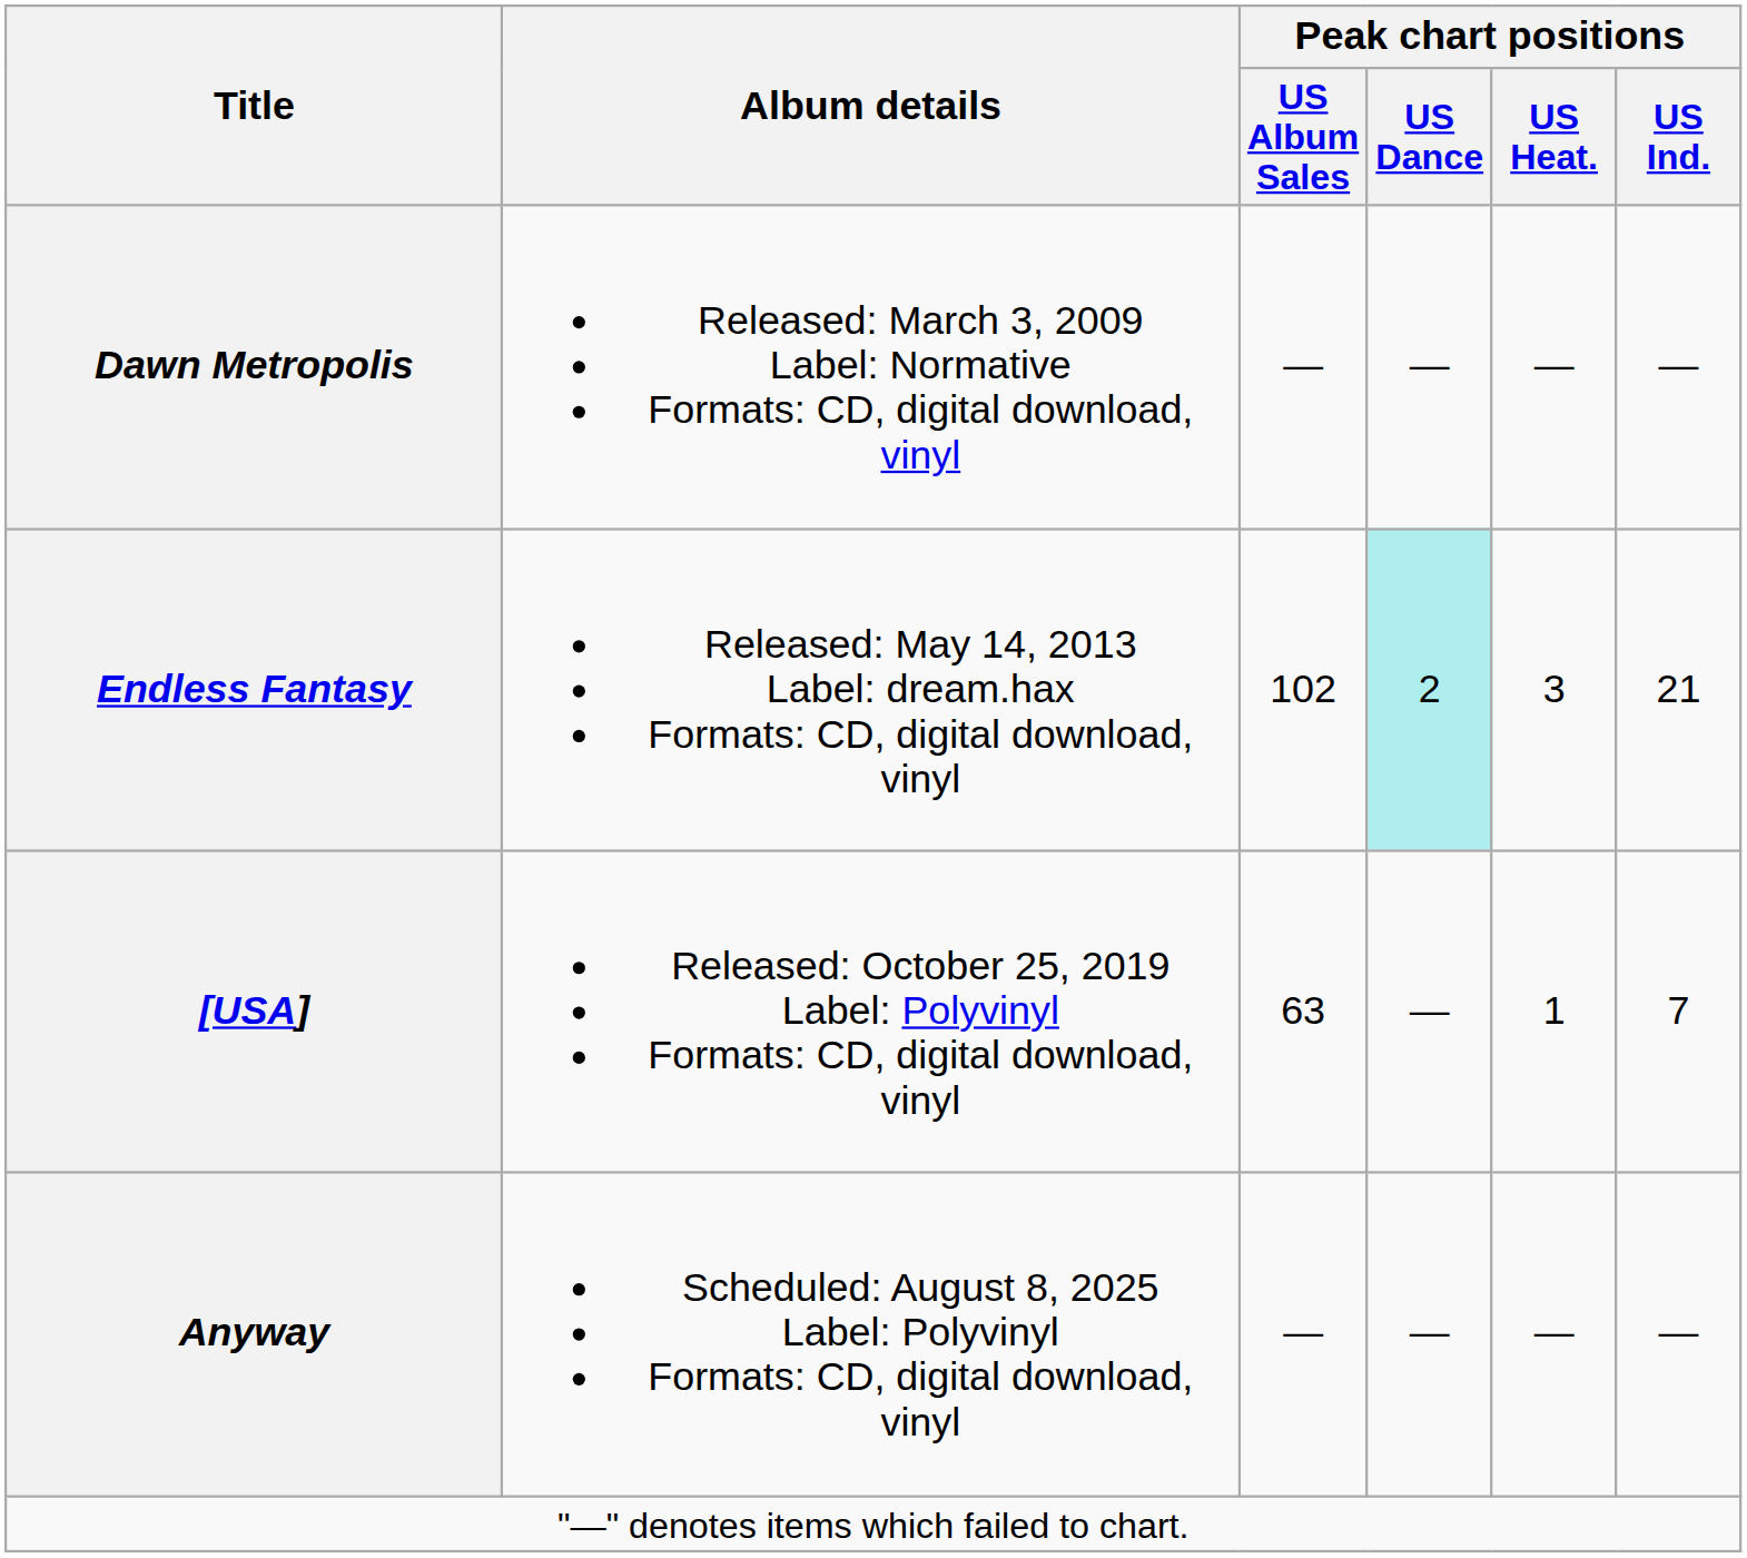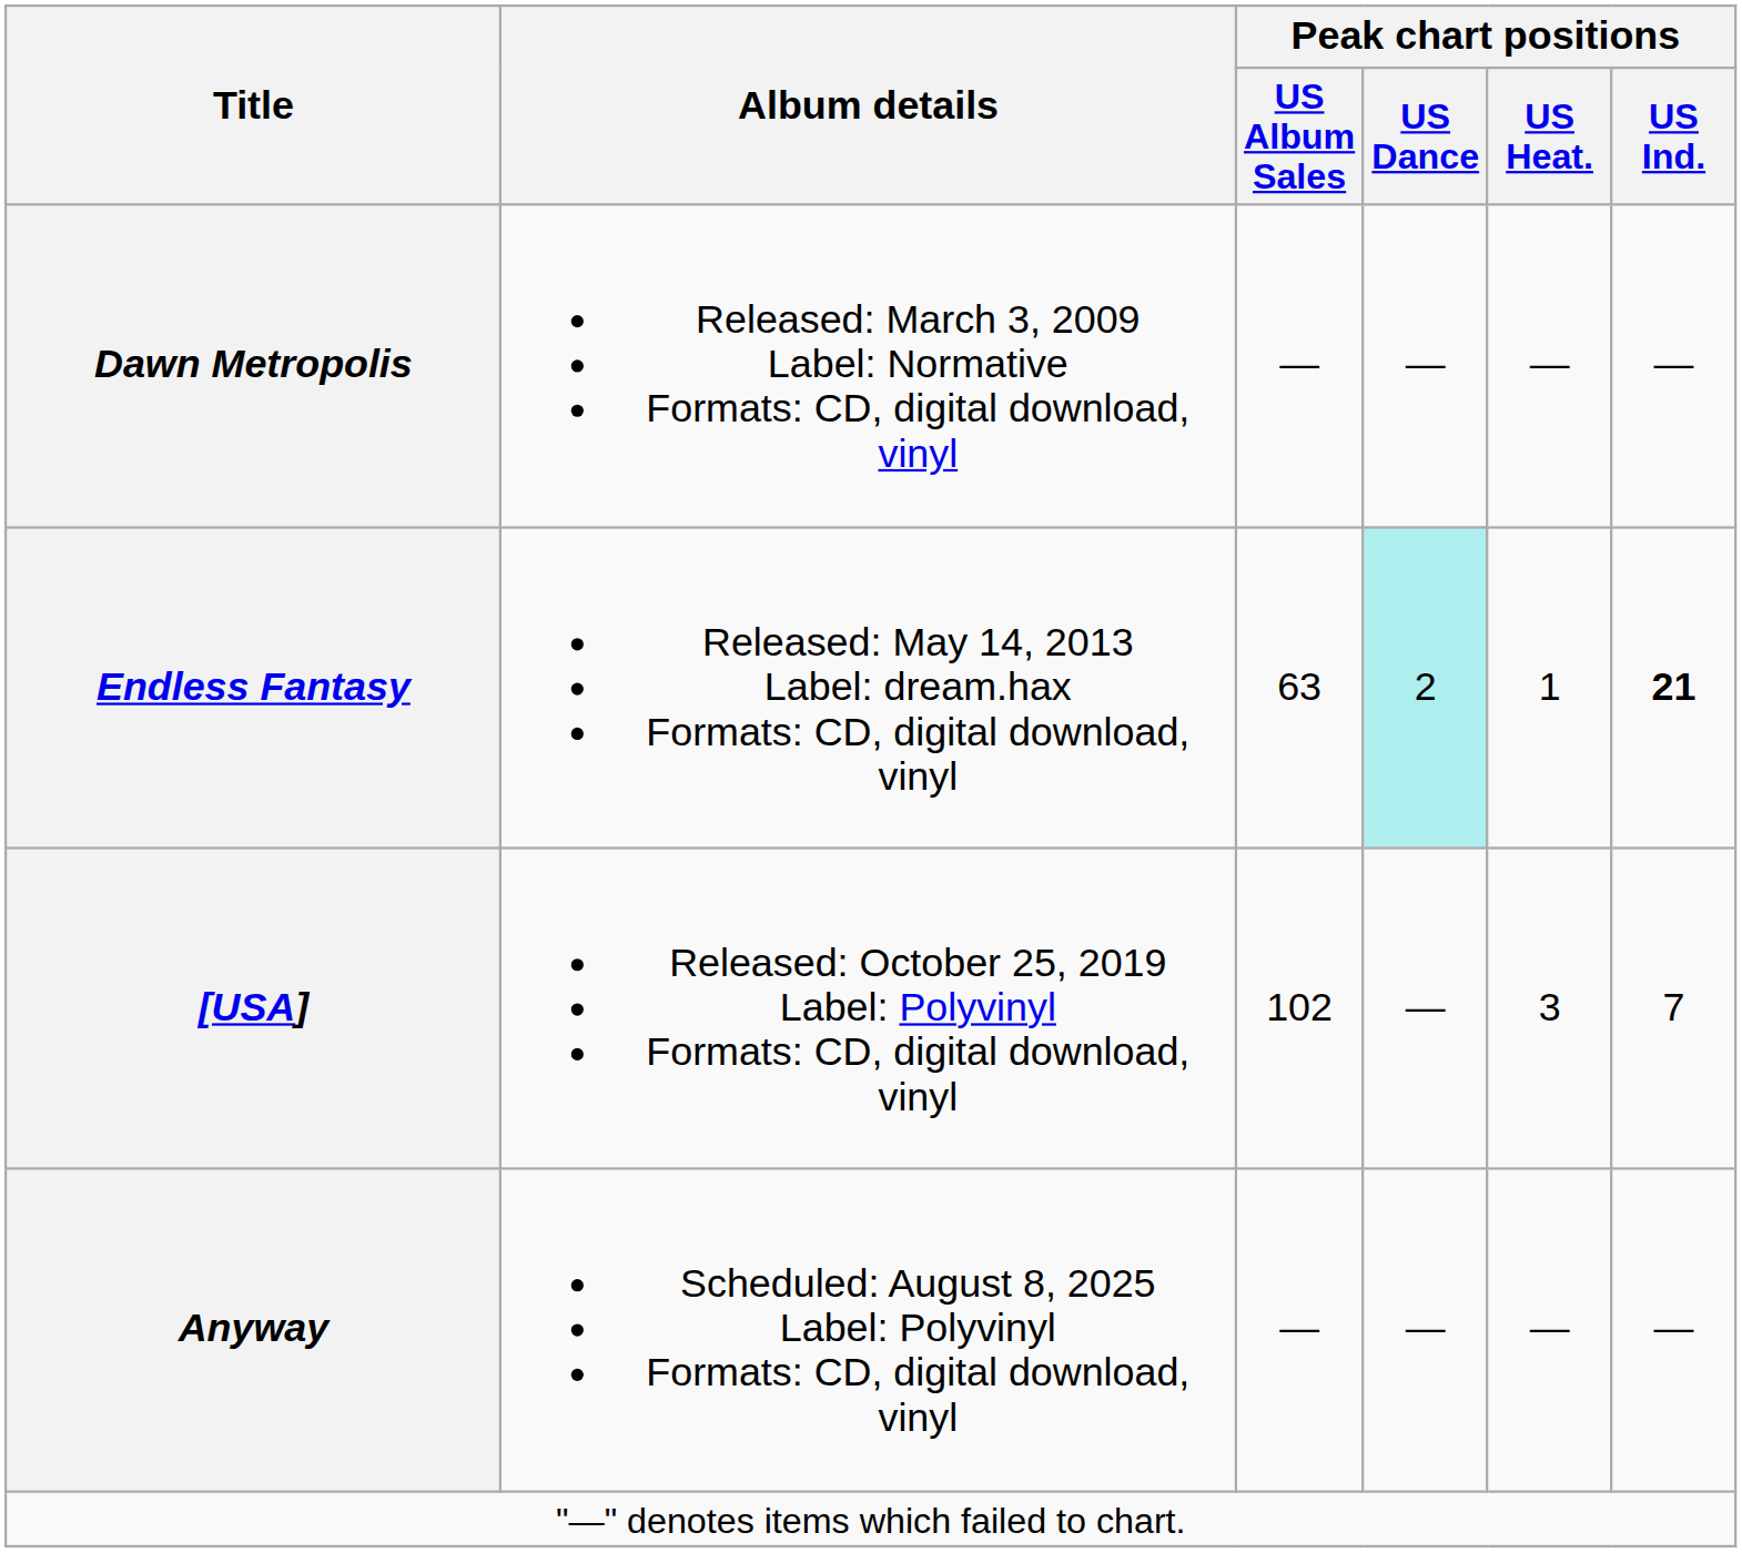 <table class="wikitable plainrowheaders" style="text-align:center;">
 <tr>
 <th scope="col" rowspan="2" style="width:12em;">Title</th>
 <th scope="col" rowspan="2" style="width:18em;">Album details</th>
 <th scope="col" colspan="4">Peak chart positions</th>
 </tr>
 <tr>
 <th scope="col" style="width:3em;font-size:90%;"><a href='#'>US<br>Album Sales</a><br></th>
 <th scope="col" style="width:3em;font-size:90%;"><a href='#'>US<br>Dance</a><br></th>
 <th scope="col" style="width:3em;font-size:90%;"><a href='#'>US<br>Heat.</a><br></th>
 <th scope="col" style="width:3em;font-size:90%;"><a href='#'>US<br>Ind.</a><br></th>
 </tr>
 <tr>
 <th scope="row"><em>Dawn Metropolis</em></th>
 <td><br><ul><li>Released: March 3, 2009</li><li>Label: Normative</li><li>Formats: CD, digital download, <a href='#'>vinyl</a></li></ul></td>
 <td>—</td>
 <td>—</td>
 <td>—</td>
 <td>—</td>
 </tr>
 <tr>
 <th scope="row"><em><a href='#'>Endless Fantasy</a></em></th>
 <td><br><ul><li>Released: May 14, 2013</li><li>Label: dream.hax</li><li>Formats: CD, digital download, vinyl</li></ul></td>
-<td>102</td>
+<td>63</td>
 <td style="background: paleturquoise;">2</td>
-<td>3</td>
-<td>21</td>
+<td>1</td>
+<td><strong>21</strong></td>
 </tr>
 <tr>
 <th scope="row"><em><a href='#'>[USA</a>]</em></th>
 <td><br><ul><li>Released: October 25, 2019</li><li>Label: <a href='#'>Polyvinyl</a></li><li>Formats: CD, digital download, vinyl</li></ul></td>
-<td>63</td>
+<td>102</td>
 <td>—</td>
-<td>1</td>
+<td>3</td>
 <td>7</td>
 </tr>
 <tr>
 <th scope="row"><em>Anyway</em></th>
 <td><br><ul><li>Scheduled: August 8, 2025</li><li>Label: Polyvinyl</li><li>Formats: CD, digital download, vinyl</li></ul></td>
 <td>—</td>
 <td>—</td>
 <td>—</td>
 <td>—</td>
 </tr>
 <tr>
 <td colspan="14" style="text-align:center; font-size:90%;">"—" denotes items which failed to chart.</td>
 </tr>
 </table>
